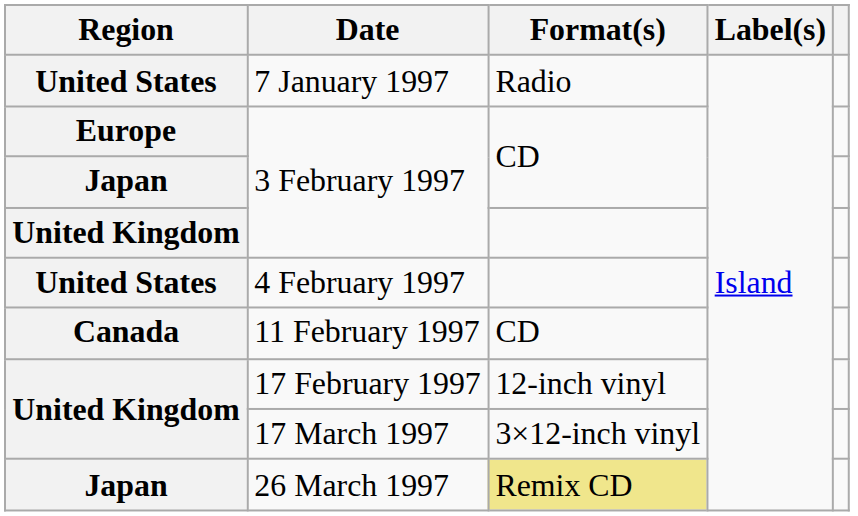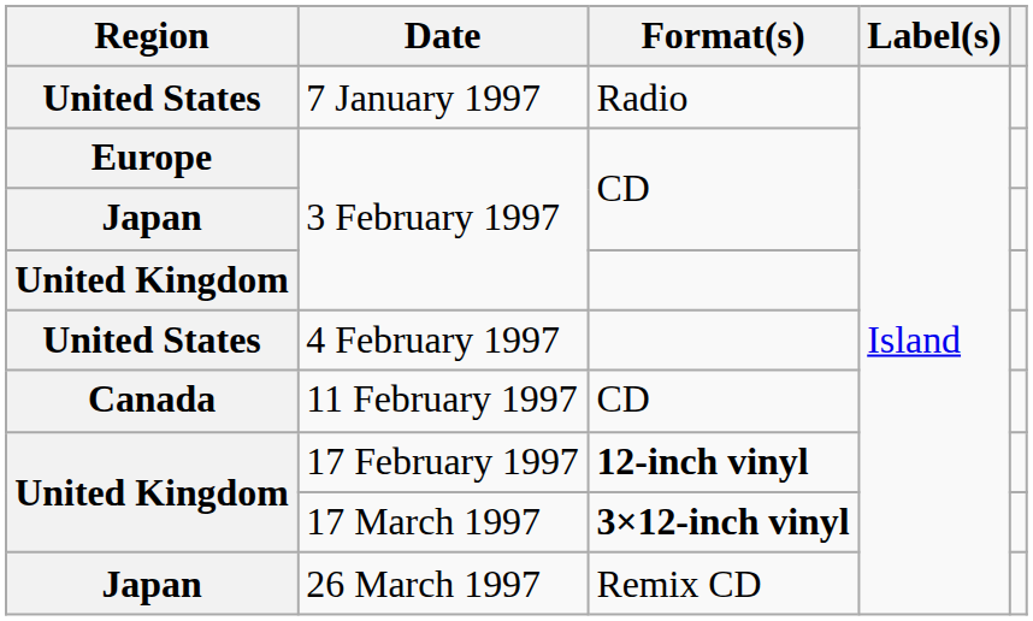 <table class="wikitable plainrowheaders">
 <tr>
 <th scope="col">Region</th>
 <th scope="col">Date</th>
 <th scope="col">Format(s)</th>
 <th scope="col">Label(s)</th>
 <th scope="col"></th>
 </tr>
 <tr>
 <th scope="row">United States</th>
 <td>7 January 1997</td>
 <td>Radio</td>
 <td rowspan="9"><a href='#'>Island</a></td>
 <td align="center"></td>
 </tr>
 <tr>
 <th scope="row">Europe</th>
 <td rowspan="3">3 February 1997</td>
 <td rowspan="2">CD</td>
 <td align="center"></td>
 </tr>
 <tr>
 <th scope="row">Japan</th>
 <td align="center"></td>
 </tr>
 <tr>
 <th scope="row">United Kingdom</th>
 <td></td>
 <td align="center"></td>
 </tr>
 <tr>
 <th scope="row">United States</th>
 <td>4 February 1997</td>
 <td></td>
 <td align="center"></td>
 </tr>
 <tr>
 <th scope="row">Canada</th>
 <td>11 February 1997</td>
 <td>CD</td>
 <td align="center"></td>
 </tr>
 <tr>
 <th scope="row" rowspan="2">United Kingdom</th>
 <td>17 February 1997</td>
-<td>12-inch vinyl</td>
+<td><strong>12-inch vinyl</strong></td>
 <td align="center"></td>
 </tr>
 <tr>
 <td>17 March 1997</td>
-<td>3×12-inch vinyl</td>
+<td><strong>3×12-inch vinyl</strong></td>
 <td align="center"></td>
 </tr>
 <tr>
 <th scope="row">Japan</th>
 <td>26 March 1997</td>
-<td style="background: khaki;">Remix CD</td>
+<td>Remix CD</td>
 <td align="center"></td>
 </tr>
 </table>
